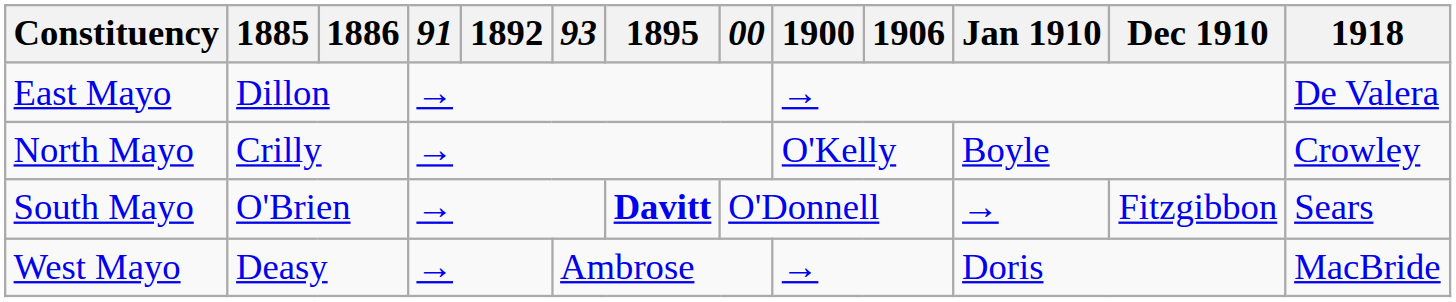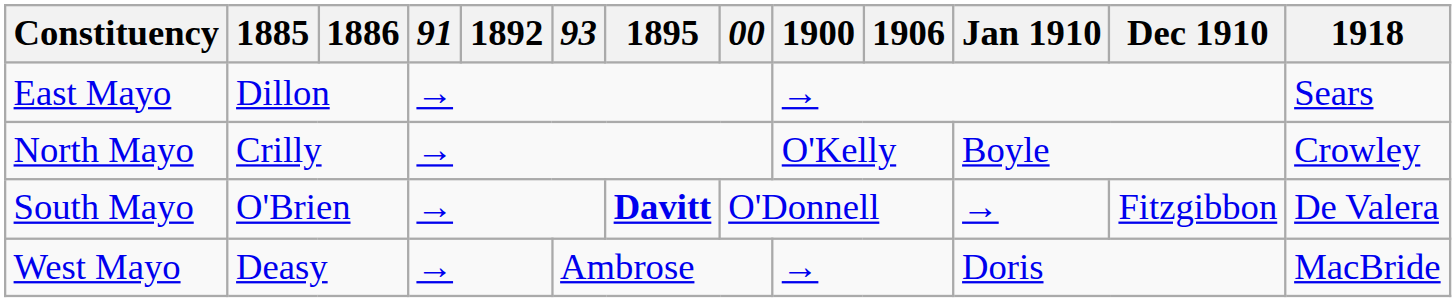 <table class="wikitable">
 <tr>
 <th>Constituency</th>
 <th>1885</th>
 <th>1886</th>
 <th><em>91</em></th>
 <th>1892</th>
 <th><em>93</em></th>
 <th>1895</th>
 <th><em>00</em></th>
 <th>1900</th>
 <th>1906</th>
 <th>Jan 1910</th>
 <th>Dec 1910</th>
 <th>1918</th>
 </tr>
 <tr>
 <td><a href='#'>East Mayo</a></td>
 <td colspan="2"><a href='#'>Dillon</a></td>
 <td colspan="5"><a href='#'>→</a></td>
 <td colspan="4"><a href='#'>→</a></td>
-<td><a href='#'>De Valera</a></td>
+<td><a href='#'>Sears</a></td>
 </tr>
 <tr>
 <td><a href='#'>North Mayo</a></td>
 <td colspan="2"><a href='#'>Crilly</a></td>
 <td colspan="5"><a href='#'>→</a></td>
 <td colspan="2"><a href='#'>O'Kelly</a></td>
 <td colspan="2"><a href='#'>Boyle</a></td>
 <td><a href='#'>Crowley</a></td>
 </tr>
 <tr>
 <td><a href='#'>South Mayo</a></td>
 <td colspan="2"><a href='#'>O'Brien</a></td>
 <td colspan="3"><a href='#'>→</a></td>
 <td><strong><a href='#'>Davitt</a></strong></td>
 <td colspan="3"><a href='#'>O'Donnell</a></td>
 <td><a href='#'>→</a></td>
 <td><a href='#'>Fitzgibbon</a></td>
-<td><a href='#'>Sears</a></td>
+<td><a href='#'>De Valera</a></td>
 </tr>
 <tr>
 <td><a href='#'>West Mayo</a></td>
 <td colspan="2"><a href='#'>Deasy</a></td>
 <td colspan="2"><a href='#'>→</a></td>
 <td colspan="3"><a href='#'>Ambrose</a></td>
 <td colspan="2"><a href='#'>→</a></td>
 <td colspan="2"><a href='#'>Doris</a></td>
 <td><a href='#'>MacBride</a></td>
 </tr>
 </table>
